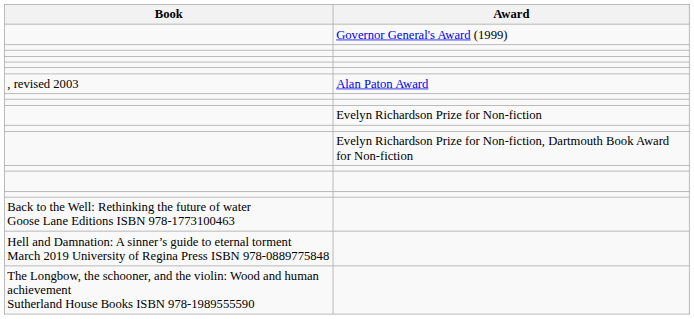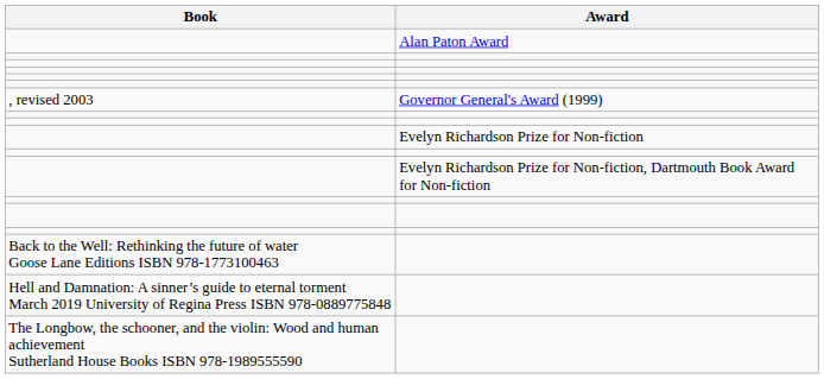 <table class="wikitable">
 <tr>
 <th>Book</th>
 <th>Award</th>
 </tr>
 <tr>
 <td></td>
-<td><a href='#'>Governor General's Award</a> (1999)</td>
+<td><a href='#'>Alan Paton Award</a></td>
 </tr>
 <tr>
 <td></td>
 <td></td>
 </tr>
 <tr>
 <td></td>
 <td></td>
 </tr>
 <tr>
 <td></td>
 <td></td>
 </tr>
 <tr>
 <td></td>
 <td></td>
 </tr>
 <tr>
 <td></td>
 <td></td>
 </tr>
 <tr>
 <td>, revised 2003</td>
-<td><a href='#'>Alan Paton Award</a></td>
+<td><a href='#'>Governor General's Award</a> (1999)</td>
 </tr>
 <tr>
 <td></td>
 <td></td>
 </tr>
 <tr>
 <td></td>
 <td></td>
 </tr>
 <tr>
 <td></td>
 <td>Evelyn Richardson Prize for Non-fiction</td>
 </tr>
 <tr>
 <td></td>
 <td></td>
 </tr>
 <tr>
 <td></td>
 <td>Evelyn Richardson Prize for Non-fiction, Dartmouth Book Award for Non-fiction</td>
 </tr>
 <tr>
 <td></td>
 <td></td>
 </tr>
 <tr>
 <td><br></td>
 <td></td>
 </tr>
 <tr>
 <td></td>
 <td></td>
 </tr>
 <tr>
 <td>Back to the Well: Rethinking the future of water<br>Goose Lane Editions 		ISBN 978-1773100463</td>
 <td></td>
 </tr>
 <tr>
 <td>Hell and Damnation: A sinner’s guide to eternal torment<br>March 2019 University of Regina Press ISBN 978-0889775848</td>
 <td></td>
 </tr>
 <tr>
 <td>The Longbow, the schooner, and the violin: Wood and human achievement<br>Sutherland House Books ISBN 978-1989555590</td>
 <td></td>
 </tr>
 </table>
